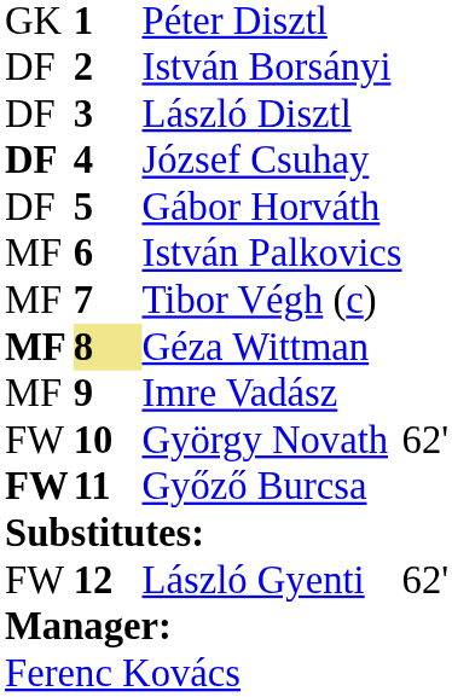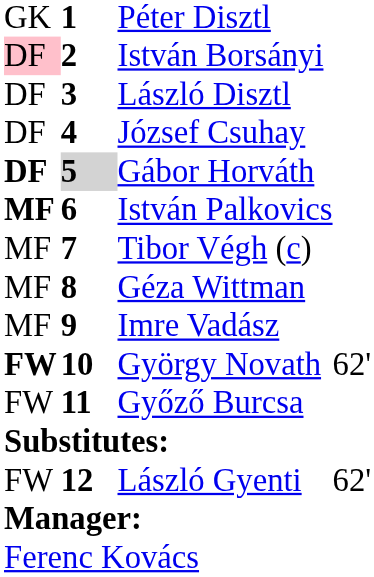 <table style="font-size: 90%" cellspacing="0" cellpadding="0">
 <tr>
 <td colspan="4"></td>
 </tr>
 <tr>
 <th width=25></th>
 <th width=25></th>
 </tr>
 <tr>
 <td>GK</td>
 <td><strong>1</strong></td>
 <td> <a href='#'>Péter Disztl</a></td>
 </tr>
 <tr>
-<td>DF</td>
+<td style="background: pink;">DF</td>
 <td><strong>2</strong></td>
 <td> <a href='#'>István Borsányi</a></td>
 </tr>
 <tr>
 <td>DF</td>
 <td><strong>3</strong></td>
 <td> <a href='#'>László Disztl</a></td>
 </tr>
 <tr>
-<td><strong>DF</strong></td>
+<td>DF</td>
 <td><strong>4</strong></td>
 <td> <a href='#'>József Csuhay</a></td>
 </tr>
 <tr>
-<td>DF</td>
-<td><strong>5</strong></td>
+<td><strong>DF</strong></td>
+<td style="background: lightgrey;"><strong>5</strong></td>
 <td> <a href='#'>Gábor Horváth</a></td>
 </tr>
 <tr>
-<td>MF</td>
+<td><strong>MF</strong></td>
 <td><strong>6</strong></td>
 <td> <a href='#'>István Palkovics</a></td>
 </tr>
 <tr>
 <td>MF</td>
 <td><strong>7</strong></td>
 <td> <a href='#'>Tibor Végh</a> (<a href='#'>c</a>)</td>
 </tr>
 <tr>
-<td><strong>MF</strong></td>
-<td style="background: khaki;"><strong>8</strong></td>
+<td>MF</td>
+<td><strong>8</strong></td>
 <td> <a href='#'>Géza Wittman</a></td>
 </tr>
 <tr>
 <td>MF</td>
 <td><strong>9</strong></td>
 <td> <a href='#'>Imre Vadász</a></td>
 </tr>
 <tr>
-<td>FW</td>
+<td><strong>FW</strong></td>
 <td><strong>10</strong></td>
 <td> <a href='#'>György Novath</a></td>
 <td></td>
 <td> 62'</td>
 </tr>
 <tr>
-<td><strong>FW</strong></td>
+<td>FW</td>
 <td><strong>11</strong></td>
 <td> <a href='#'>Győző Burcsa</a></td>
 </tr>
 <tr>
 <td colspan=3><strong>Substitutes:</strong></td>
 </tr>
 <tr>
 <td>FW</td>
 <td><strong>12</strong></td>
 <td> <a href='#'>László Gyenti</a></td>
 <td></td>
 <td> 62'</td>
 </tr>
 <tr>
 <td colspan=3><strong>Manager:</strong></td>
 </tr>
 <tr>
 <td colspan=4> <a href='#'>Ferenc Kovács</a></td>
 </tr>
 </table>
